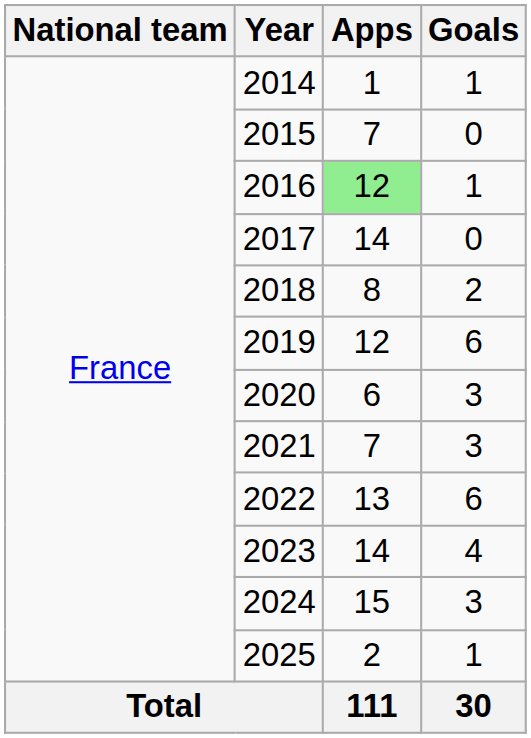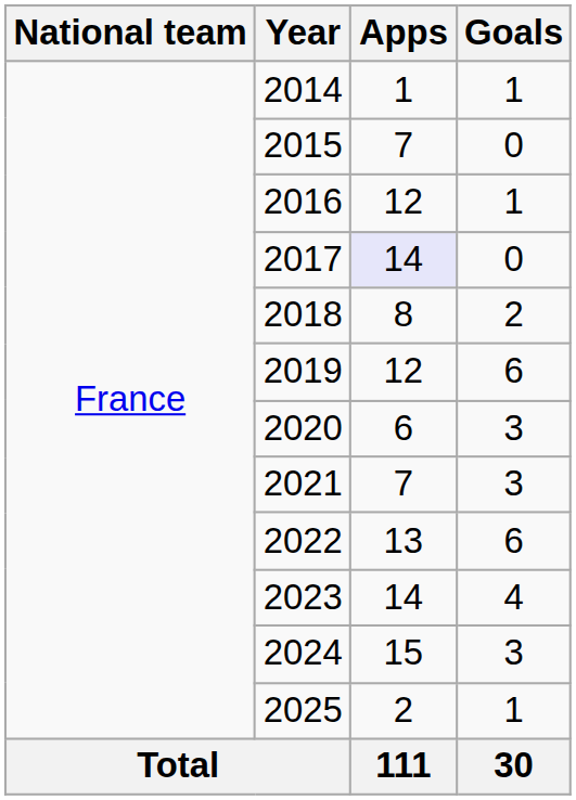 <table class="wikitable" style="text-align:center">
 <tr>
 <th>National team</th>
 <th>Year</th>
 <th>Apps</th>
 <th>Goals</th>
 </tr>
 <tr>
 <td rowspan="12"><a href='#'>France</a></td>
 <td>2014</td>
 <td>1</td>
 <td>1</td>
 </tr>
 <tr>
 <td>2015</td>
 <td>7</td>
 <td>0</td>
 </tr>
 <tr>
 <td>2016</td>
-<td style="background: lightgreen;">12</td>
+<td>12</td>
 <td>1</td>
 </tr>
 <tr>
 <td>2017</td>
-<td>14</td>
+<td style="background: lavender;">14</td>
 <td>0</td>
 </tr>
 <tr>
 <td>2018</td>
 <td>8</td>
 <td>2</td>
 </tr>
 <tr>
 <td>2019</td>
 <td>12</td>
 <td>6</td>
 </tr>
 <tr>
 <td>2020</td>
 <td>6</td>
 <td>3</td>
 </tr>
 <tr>
 <td>2021</td>
 <td>7</td>
 <td>3</td>
 </tr>
 <tr>
 <td>2022</td>
 <td>13</td>
 <td>6</td>
 </tr>
 <tr>
 <td>2023</td>
 <td>14</td>
 <td>4</td>
 </tr>
 <tr>
 <td>2024</td>
 <td>15</td>
 <td>3</td>
 </tr>
 <tr>
 <td>2025</td>
 <td>2</td>
 <td>1</td>
 </tr>
 <tr>
 <th colspan="2">Total</th>
 <th>111</th>
 <th>30</th>
 </tr>
 </table>
